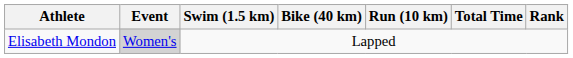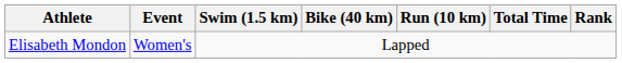 <table class="wikitable" style="font-size:90%">
 <tr>
 <th>Athlete</th>
 <th>Event</th>
 <th>Swim (1.5 km)</th>
 <th>Bike (40 km)</th>
 <th>Run (10 km)</th>
 <th>Total Time</th>
 <th>Rank</th>
 </tr>
 <tr align=center>
 <td align=left><a href='#'>Elisabeth Mondon</a></td>
-<td align=left style="background: lightgrey;"><a href='#'>Women's</a></td>
+<td align=left><a href='#'>Women's</a></td>
 <td colspan=5>Lapped</td>
 </tr>
 </table>
